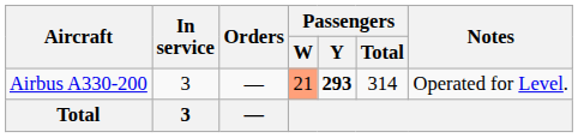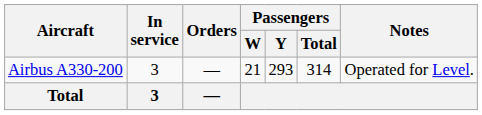 <table class="wikitable" style="margin:1em auto; border-collapse:collapse;text-align:center">
 <tr>
 <th rowspan="2">Aircraft</th>
 <th rowspan="2">In<br>service</th>
 <th rowspan="2">Orders</th>
 <th colspan="3">Passengers</th>
 <th rowspan="2">Notes</th>
 </tr>
 <tr>
 <th><abbr>W</abbr></th>
 <th><abbr>Y</abbr></th>
 <th>Total</th>
 </tr>
 <tr>
 <td><a href='#'>Airbus A330-200</a></td>
 <td>3</td>
 <td>—</td>
-<td style="background: lightsalmon;">21</td>
-<td><strong>293</strong></td>
+<td>21</td>
+<td>293</td>
 <td>314</td>
 <td>Operated for <a href='#'>Level</a>.</td>
 </tr>
 <tr>
 <th>Total</th>
 <th>3</th>
 <th>—</th>
 <th colspan="4"></th>
 </tr>
 </table>
